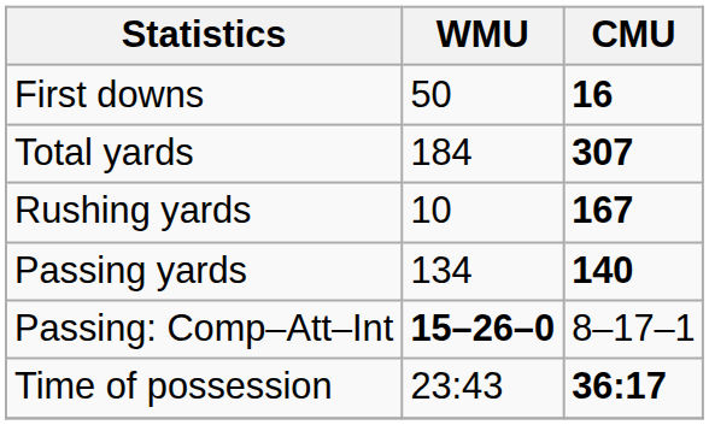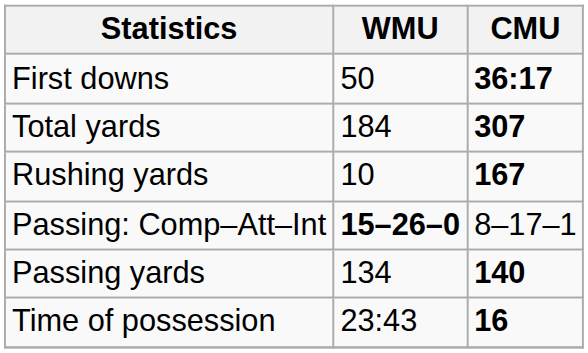 <table class="wikitable" style="float: left;">
 <tr>
 <th>Statistics</th>
 <th>WMU</th>
 <th>CMU</th>
 </tr>
 <tr>
 <td>First downs</td>
 <td>50</td>
-<td><strong>16</strong></td>
+<td><strong>36:17</strong></td>
 </tr>
 <tr>
 <td>Total yards</td>
 <td>184</td>
 <td><strong>307</strong></td>
 </tr>
 <tr>
 <td>Rushing yards</td>
 <td>10</td>
 <td><strong>167</strong></td>
 </tr>
 <tr>
+<td>Passing: Comp–Att–Int</td>
+<td><strong>15–26–0</strong></td>
+<td>8–17–1</td>
+</tr>
+<tr>
 <td>Passing yards</td>
 <td>134</td>
 <td><strong>140</strong></td>
 </tr>
 <tr>
-<td>Passing: Comp–Att–Int</td>
-<td><strong>15–26–0</strong></td>
-<td>8–17–1</td>
-</tr>
-<tr>
 <td>Time of possession</td>
 <td>23:43</td>
-<td><strong>36:17</strong></td>
+<td><strong>16</strong></td>
 </tr>
 <tr>
 </tr>
 </table>
